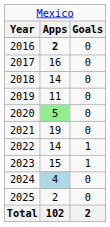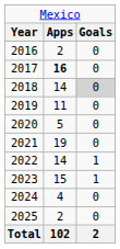 <table class="wikitable" style="text-align:center">
 <tr>
 <td colspan=3><a href='#'>Mexico</a></td>
 </tr>
 <tr>
 <th>Year</th>
 <th>Apps</th>
 <th>Goals</th>
 </tr>
 <tr>
 <td>2016</td>
-<td><strong>2</strong></td>
+<td>2</td>
 <td>0</td>
 </tr>
 <tr>
 <td>2017</td>
-<td>16</td>
+<td><strong>16</strong></td>
 <td>0</td>
 </tr>
 <tr>
 <td>2018</td>
 <td>14</td>
-<td>0</td>
+<td style="background: lightgrey;">0</td>
 </tr>
 <tr>
 <td>2019</td>
 <td>11</td>
 <td>0</td>
 </tr>
 <tr>
 <td>2020</td>
-<td style="background: lightgreen;">5</td>
+<td>5</td>
 <td>0</td>
 </tr>
 <tr>
 <td>2021</td>
 <td>19</td>
 <td>0</td>
 </tr>
 <tr>
 <td>2022</td>
 <td>14</td>
 <td>1</td>
 </tr>
 <tr>
 <td>2023</td>
 <td>15</td>
 <td>1</td>
 </tr>
 <tr>
 <td>2024</td>
-<td style="background: lightblue;">4</td>
+<td>4</td>
 <td>0</td>
 </tr>
 <tr>
 <td>2025</td>
 <td>2</td>
 <td>0</td>
 </tr>
 <tr>
 <th>Total</th>
 <th>102</th>
 <th>2</th>
 </tr>
 </table>
